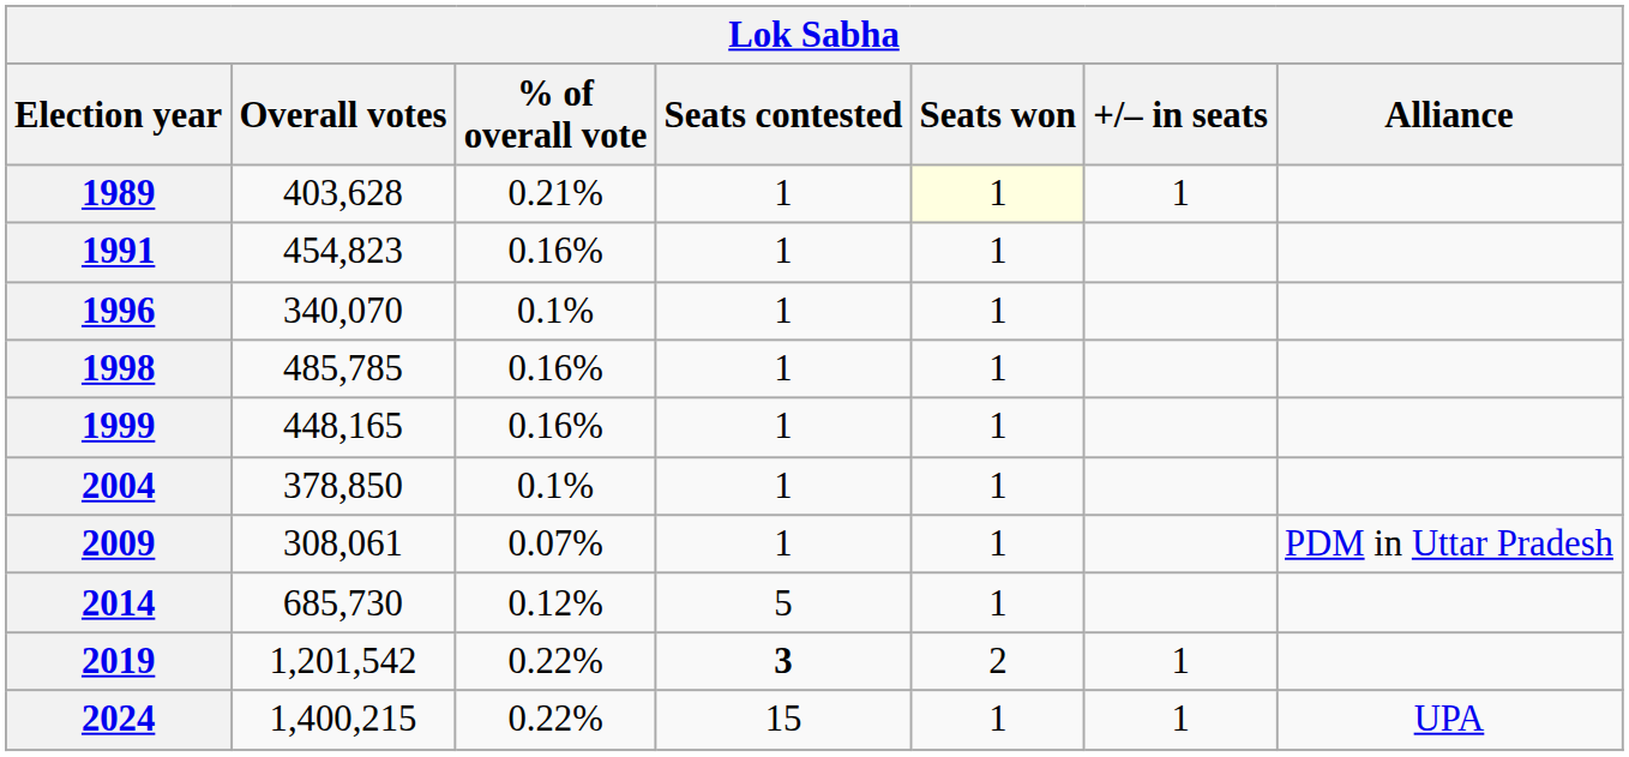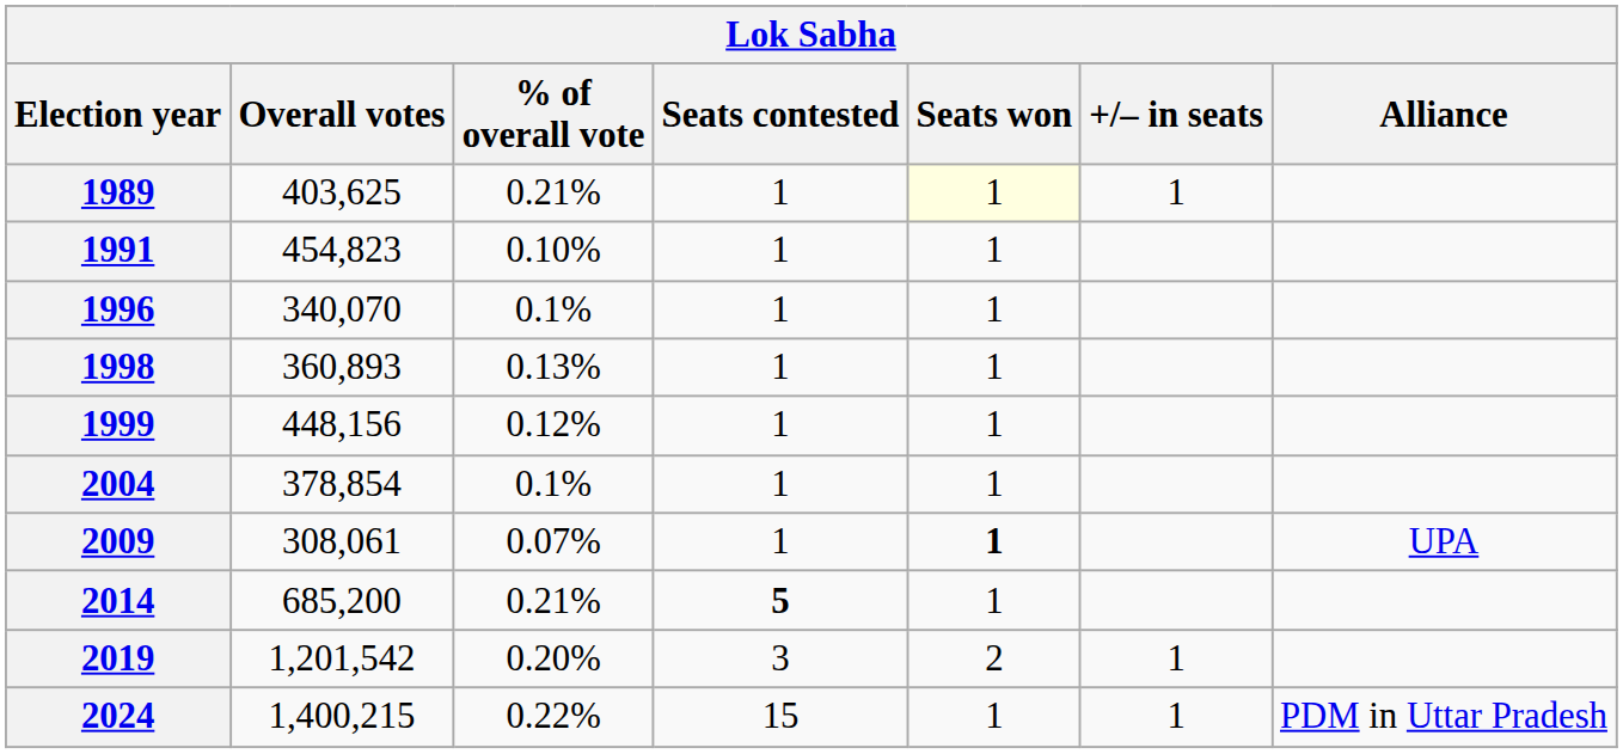 <table class="wikitable">
 <tr>
 <th colspan="7"><a href='#'>Lok Sabha</a></th>
 </tr>
 <tr>
 <th Style="background-color:">Election year</th>
 <th Style="background-color:">Overall votes</th>
 <th Style="background-color:">% of<br>overall vote</th>
 <th Style="background-color:">Seats contested</th>
 <th Style="background-color:">Seats won</th>
 <th Style="background-color:">+/– in seats</th>
 <th Style="background-color:">Alliance</th>
 </tr>
 <tr style="text-align:center">
 <th><a href='#'>1989</a></th>
-<td>403,628</td>
+<td>403,625</td>
 <td>0.21%</td>
 <td>1</td>
 <td style="background: lightyellow;">1</td>
 <td>1 </td>
 <td></td>
 </tr>
 <tr style="text-align:center">
 <th><a href='#'>1991</a></th>
 <td>454,823</td>
-<td>0.16%</td>
+<td>0.10%</td>
 <td>1</td>
 <td>1</td>
 <td></td>
 <td></td>
 </tr>
 <tr style="text-align:center">
 <th><a href='#'>1996</a></th>
 <td>340,070</td>
 <td>0.1%</td>
 <td>1</td>
 <td>1</td>
 <td></td>
 <td></td>
 </tr>
 <tr style="text-align:center">
 <th><a href='#'>1998</a></th>
-<td>485,785</td>
-<td>0.16%</td>
+<td>360,893</td>
+<td>0.13%</td>
 <td>1</td>
 <td>1</td>
 <td></td>
 <td></td>
 </tr>
 <tr style="text-align:center">
 <th><a href='#'>1999</a></th>
-<td>448,165</td>
-<td>0.16%</td>
+<td>448,156</td>
+<td>0.12%</td>
 <td>1</td>
 <td>1</td>
 <td></td>
 <td></td>
 </tr>
 <tr style="text-align:center">
 <th><a href='#'>2004</a></th>
-<td>378,850</td>
+<td>378,854</td>
 <td>0.1%</td>
 <td>1</td>
 <td>1</td>
 <td></td>
 <td></td>
 </tr>
 <tr style="text-align:center">
 <th><a href='#'>2009</a></th>
 <td>308,061</td>
 <td>0.07%</td>
 <td>1</td>
-<td>1</td>
+<td><strong>1</strong></td>
 <td></td>
-<td><a href='#'>PDM</a> in <a href='#'>Uttar Pradesh</a></td>
+<td><a href='#'>UPA</a></td>
 </tr>
 <tr style="text-align:center">
 <th><a href='#'>2014</a></th>
-<td>685,730</td>
-<td>0.12%</td>
-<td>5</td>
+<td>685,200</td>
+<td>0.21%</td>
+<td><strong>5</strong></td>
 <td>1</td>
 <td></td>
 <td></td>
 </tr>
 <tr style="text-align:center">
 <th><a href='#'>2019</a></th>
 <td>1,201,542</td>
-<td>0.22%</td>
-<td><strong>3</strong></td>
+<td>0.20%</td>
+<td>3</td>
 <td>2</td>
 <td>1 </td>
 <td></td>
 </tr>
 <tr style="text-align:center">
 <th><a href='#'>2024</a></th>
 <td>1,400,215</td>
 <td>0.22%</td>
 <td>15</td>
 <td>1</td>
 <td> 1</td>
-<td><a href='#'>UPA</a></td>
+<td><a href='#'>PDM</a> in <a href='#'>Uttar Pradesh</a></td>
 </tr>
 </table>
